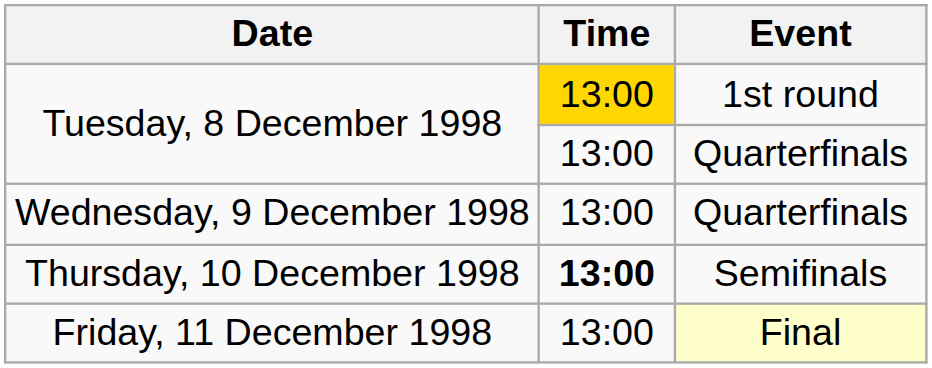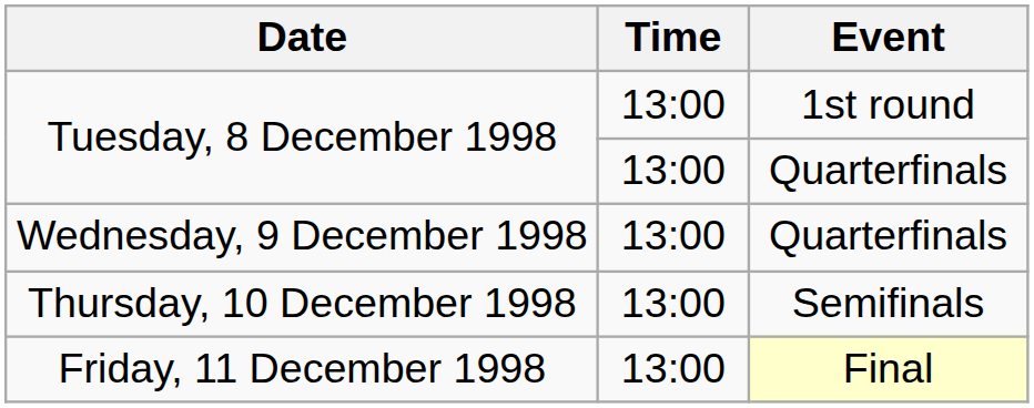 <table class = "wikitable" style="text-align:center;">
 <tr>
 <th width=220>Date</th>
 <th width=50>Time</th>
 <th width=100>Event</th>
 </tr>
 <tr>
 <td rowspan=2>Tuesday, 8 December 1998</td>
-<td style="background: gold;">13:00</td>
+<td>13:00</td>
 <td>1st round</td>
 </tr>
 <tr>
 <td>13:00</td>
 <td>Quarterfinals</td>
 </tr>
 <tr>
 <td>Wednesday, 9 December 1998</td>
 <td>13:00</td>
 <td>Quarterfinals</td>
 </tr>
 <tr>
 <td>Thursday, 10 December 1998</td>
-<td><strong>13:00</strong></td>
+<td>13:00</td>
 <td>Semifinals</td>
 </tr>
 <tr>
 <td>Friday, 11 December 1998</td>
 <td>13:00</td>
 <td bgcolor=ffffcc>Final</td>
 </tr>
 </table>
